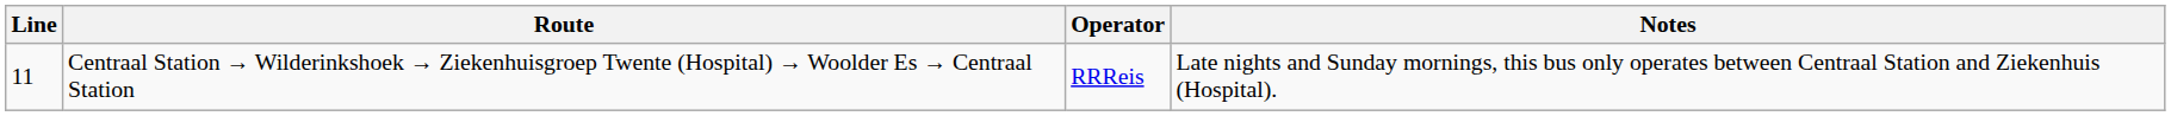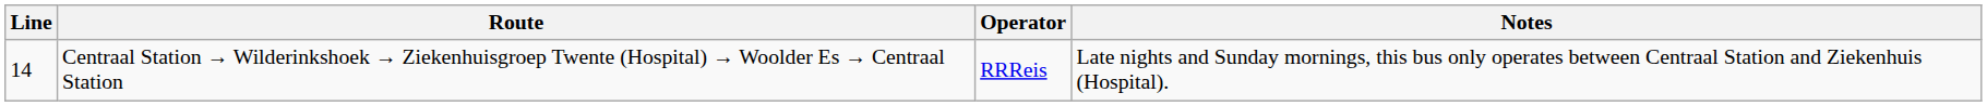 <table class="wikitable" style="font-size:85%;">
 <tr>
 <th>Line</th>
 <th>Route</th>
 <th>Operator</th>
 <th>Notes</th>
 </tr>
 <tr>
-<td>11</td>
+<td>14</td>
 <td>Centraal Station → Wilderinkshoek → Ziekenhuisgroep Twente (Hospital) → Woolder Es → Centraal Station</td>
 <td><a href='#'>RRReis</a></td>
 <td>Late nights and Sunday mornings, this bus only operates between Centraal Station and Ziekenhuis (Hospital).</td>
 </tr>
 </table>
